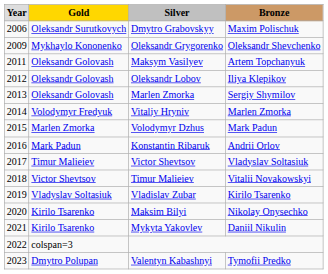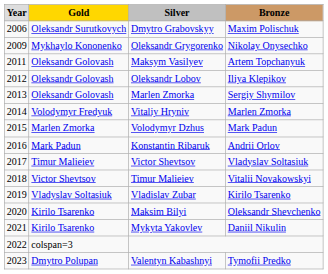 <table class="wikitable sortable alternance" style="font-size:95%">
 <tr>
 <td style="background:#DDDDDD; font-weight:bold; text-align:center;">Year</td>
 <td style="background:gold; font-weight:bold; text-align:center;">Gold</td>
 <td style="background:silver; font-weight:bold; text-align:center;">Silver</td>
 <td style="background:#cc9966; font-weight:bold; text-align:center;">Bronze</td>
 </tr>
 <tr>
 <td>2006</td>
 <td><a href='#'>Oleksandr Surutkovych</a></td>
 <td><a href='#'>Dmytro Grabovskyy</a></td>
 <td><a href='#'>Maxim Polischuk</a></td>
 </tr>
 <tr>
 <td>2009</td>
 <td><a href='#'>Mykhaylo Kononenko</a></td>
 <td><a href='#'>Oleksandr Grygorenko</a></td>
-<td><a href='#'>Oleksandr Shevchenko</a></td>
+<td><a href='#'>Nikolay Onysechko</a></td>
 </tr>
 <tr>
 <td>2011</td>
 <td><a href='#'>Oleksandr Golovash</a></td>
 <td><a href='#'>Maksym Vasilyev</a></td>
 <td><a href='#'>Artem Topchanyuk</a></td>
 </tr>
 <tr>
 <td>2012</td>
 <td><a href='#'>Oleksandr Golovash</a></td>
 <td><a href='#'>Oleksandr Lobov</a></td>
 <td><a href='#'>Iliya Klepikov</a></td>
 </tr>
 <tr>
 <td>2013</td>
 <td><a href='#'>Oleksandr Golovash</a></td>
 <td><a href='#'>Marlen Zmorka</a></td>
 <td><a href='#'>Sergiy Shymilov</a></td>
 </tr>
 <tr>
 <td>2014</td>
 <td><a href='#'>Volodymyr Fredyuk</a></td>
 <td><a href='#'>Vitaliy Hryniv</a></td>
 <td><a href='#'>Marlen Zmorka</a></td>
 </tr>
 <tr>
 <td>2015</td>
 <td><a href='#'>Marlen Zmorka</a></td>
 <td><a href='#'>Volodymyr Dzhus</a></td>
 <td><a href='#'>Mark Padun</a></td>
 </tr>
 <tr>
 <td>2016</td>
 <td><a href='#'>Mark Padun</a></td>
 <td><a href='#'>Konstantin Ribaruk</a></td>
 <td><a href='#'>Andrii Orlov</a></td>
 </tr>
 <tr>
 <td>2017</td>
 <td><a href='#'>Timur Malieiev</a></td>
 <td><a href='#'>Victor Shevtsov</a></td>
 <td><a href='#'>Vladyslav Soltasiuk</a></td>
 </tr>
 <tr>
 <td>2018</td>
 <td><a href='#'>Victor Shevtsov</a></td>
 <td><a href='#'>Timur Malieiev</a></td>
 <td><a href='#'>Vitalii Novakowskyi</a></td>
 </tr>
 <tr>
 <td>2019</td>
 <td><a href='#'>Vladyslav Soltasiuk</a></td>
 <td><a href='#'>Vladislav Zubar</a></td>
 <td><a href='#'>Kirilo Tsarenko</a></td>
 </tr>
 <tr>
 <td>2020</td>
 <td><a href='#'>Kirilo Tsarenko</a></td>
 <td><a href='#'>Maksim Bilyi</a></td>
-<td><a href='#'>Nikolay Onysechko</a></td>
+<td><a href='#'>Oleksandr Shevchenko</a></td>
 </tr>
 <tr>
 <td>2021</td>
 <td><a href='#'>Kirilo Tsarenko</a></td>
 <td><a href='#'>Mykyta Yakovlev</a></td>
 <td><a href='#'>Daniil Nikulin</a></td>
 </tr>
 <tr>
 <td>2022</td>
 <td>colspan=3 </td>
 </tr>
 <tr>
 <td>2023</td>
 <td><a href='#'>Dmytro Polupan</a></td>
 <td><a href='#'>Valentyn Kabashnyi</a></td>
 <td><a href='#'>Tymofii Predko</a></td>
 </tr>
 </table>
